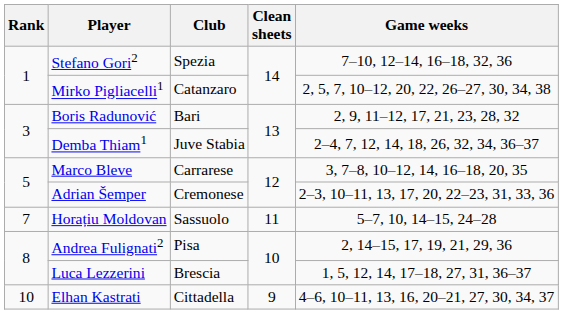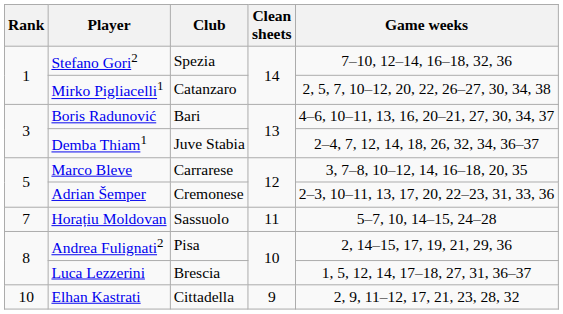 <table class="wikitable" style="text-align:center">
 <tr>
 <th>Rank</th>
 <th>Player</th>
 <th>Club</th>
 <th>Clean<br>sheets</th>
 <th>Game weeks</th>
 </tr>
 <tr>
 <td rowspan="2">1</td>
 <td align="left"> <a href='#'>Stefano Gori</a><sup>2</sup></td>
 <td align="left">Spezia</td>
 <td rowspan="2">14</td>
 <td>7–10, 12–14, 16–18, 32, 36</td>
 </tr>
 <tr>
 <td align="left"> <a href='#'>Mirko Pigliacelli</a><sup>1</sup></td>
 <td align="left">Catanzaro</td>
 <td>2, 5, 7, 10–12, 20, 22, 26–27, 30, 34, 38</td>
 </tr>
 <tr>
 <td rowspan="2">3</td>
 <td align="left"> <a href='#'>Boris Radunović</a></td>
 <td align="left">Bari</td>
 <td rowspan="2">13</td>
-<td>2, 9, 11–12, 17, 21, 23, 28, 32</td>
+<td>4–6, 10–11, 13, 16, 20–21, 27, 30, 34, 37</td>
 </tr>
 <tr>
 <td align="left"> <a href='#'>Demba Thiam</a><sup>1</sup></td>
 <td align="left">Juve Stabia</td>
 <td>2–4, 7, 12, 14, 18, 26, 32, 34, 36–37</td>
 </tr>
 <tr>
 <td rowspan="2">5</td>
 <td align="left"> <a href='#'>Marco Bleve</a></td>
 <td align="left">Carrarese</td>
 <td rowspan="2">12</td>
 <td>3, 7–8, 10–12, 14, 16–18, 20, 35</td>
 </tr>
 <tr>
 <td align="left"> <a href='#'>Adrian Šemper</a></td>
 <td align="left">Cremonese</td>
 <td>2–3, 10–11, 13, 17, 20, 22–23, 31, 33, 36</td>
 </tr>
 <tr>
 <td>7</td>
 <td align="left"> <a href='#'>Horațiu Moldovan</a></td>
 <td align="left">Sassuolo</td>
 <td>11</td>
 <td>5–7, 10, 14–15, 24–28</td>
 </tr>
 <tr>
 <td rowspan="2">8</td>
 <td align="left"> <a href='#'>Andrea Fulignati</a><sup>2</sup></td>
 <td align="left">Pisa</td>
 <td rowspan="2">10</td>
 <td>2, 14–15, 17, 19, 21, 29, 36</td>
 </tr>
 <tr>
 <td align="left"> <a href='#'>Luca Lezzerini</a></td>
 <td align="left">Brescia</td>
 <td>1, 5, 12, 14, 17–18, 27, 31, 36–37</td>
 </tr>
 <tr>
 <td>10</td>
 <td align="left"> <a href='#'>Elhan Kastrati</a></td>
 <td align="left">Cittadella</td>
 <td>9</td>
-<td>4–6, 10–11, 13, 16, 20–21, 27, 30, 34, 37</td>
+<td>2, 9, 11–12, 17, 21, 23, 28, 32</td>
 </tr>
 </table>
